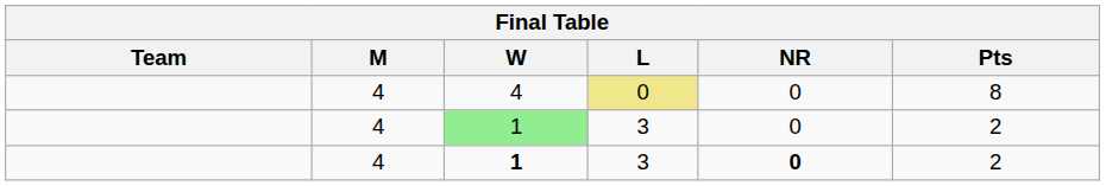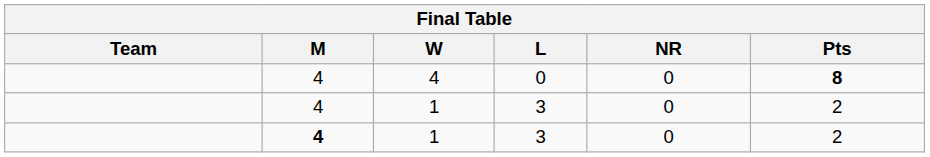 <table class="wikitable" style="text-align:left; width:40%">
 <tr>
 <th colspan="8">Final Table</th>
 </tr>
 <tr>
 <th>Team</th>
 <th>M</th>
 <th>W</th>
 <th>L</th>
 <th>NR</th>
 <th>Pts</th>
 </tr>
 <tr style="text-align:center;">
 <td align=left></td>
 <td>4</td>
 <td>4</td>
-<td style="background: khaki;">0</td>
 <td>0</td>
-<td>8</td>
+<td>0</td>
+<td><strong>8</strong></td>
 </tr>
 <tr style="text-align:center;">
 <td align=left></td>
 <td>4</td>
-<td style="background: lightgreen;">1</td>
+<td>1</td>
 <td>3</td>
 <td>0</td>
 <td>2</td>
 </tr>
 <tr style="text-align:center;">
 <td align=left></td>
-<td>4</td>
-<td><strong>1</strong></td>
+<td><strong>4</strong></td>
+<td>1</td>
 <td>3</td>
-<td><strong>0</strong></td>
+<td>0</td>
 <td>2</td>
 </tr>
 </table>
